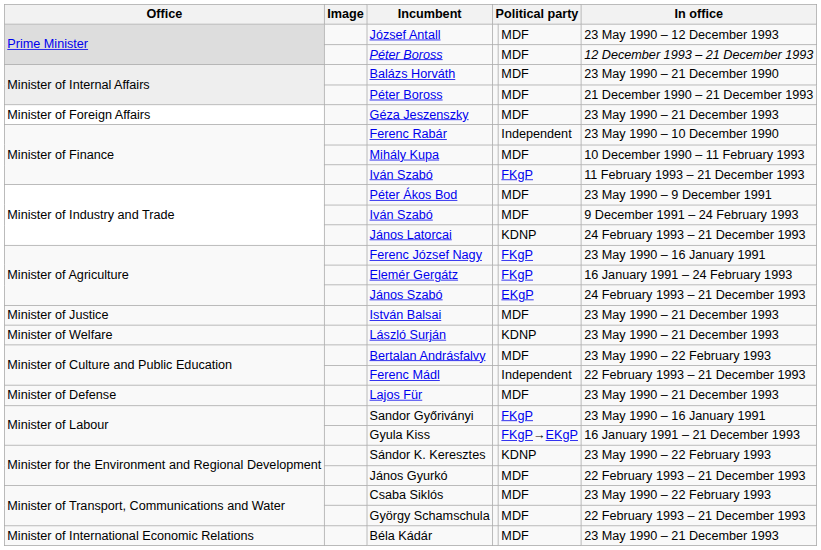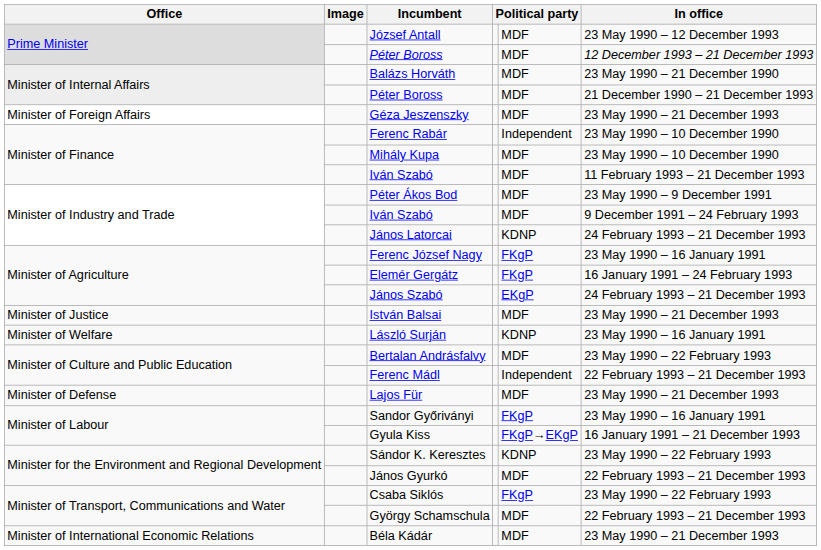 <table class="wikitable">
 <tr>
 <th>Office</th>
 <th>Image</th>
 <th>Incumbent</th>
 <th colspan="2">Political party</th>
 <th>In office</th>
 </tr>
 <tr>
 <td rowspan=2 style="background:#ddd;"><a href='#'>Prime Minister</a></td>
 <td></td>
 <td><a href='#'>József Antall</a></td>
 <td style="background-color: "></td>
 <td>MDF</td>
 <td>23 May 1990 – 12 December 1993</td>
 </tr>
 <tr>
 <td></td>
 <td><em><a href='#'>Péter Boross</a></em></td>
 <td style="background-color: "></td>
 <td>MDF</td>
 <td><em>12 December 1993 – 21 December 1993</em></td>
 </tr>
 <tr>
 <td rowspan=2 style="background:#eee;">Minister of Internal Affairs</td>
 <td></td>
 <td><a href='#'>Balázs Horváth</a></td>
 <td style="background-color: "></td>
 <td>MDF</td>
 <td>23 May 1990 – 21 December 1990</td>
 </tr>
 <tr>
 <td></td>
 <td><a href='#'>Péter Boross</a></td>
 <td style="background-color: "></td>
 <td>MDF</td>
 <td>21 December 1990 – 21 December 1993</td>
 </tr>
 <tr>
 <td style="background:#fff;">Minister of Foreign Affairs</td>
 <td></td>
 <td><a href='#'>Géza Jeszenszky</a></td>
 <td style="background-color: "></td>
 <td>MDF</td>
 <td>23 May 1990 – 21 December 1993</td>
 </tr>
 <tr>
 <td rowspan=3>Minister of Finance</td>
 <td></td>
 <td><a href='#'>Ferenc Rabár</a></td>
 <td style="background-color: "></td>
 <td>Independent</td>
 <td>23 May 1990 – 10 December 1990</td>
 </tr>
 <tr>
 <td></td>
 <td><a href='#'>Mihály Kupa</a></td>
 <td style="background-color: "></td>
 <td>MDF</td>
-<td>10 December 1990 – 11 February 1993</td>
+<td>23 May 1990 – 10 December 1990</td>
 </tr>
 <tr>
 <td></td>
 <td><a href='#'>Iván Szabó</a></td>
 <td style="background-color: "></td>
-<td><a href='#'>FKgP</a></td>
+<td>MDF</td>
 <td>11 February 1993 – 21 December 1993</td>
 </tr>
 <tr>
 <td rowspan=3 style="background:#fff;">Minister of Industry and Trade</td>
 <td></td>
 <td><a href='#'>Péter Ákos Bod</a></td>
 <td style="background-color: "></td>
 <td>MDF</td>
 <td>23 May 1990 – 9 December 1991</td>
 </tr>
 <tr>
 <td></td>
 <td><a href='#'>Iván Szabó</a></td>
 <td style="background-color: "></td>
 <td>MDF</td>
 <td>9 December 1991 – 24 February 1993</td>
 </tr>
 <tr>
 <td></td>
 <td><a href='#'>János Latorcai</a></td>
 <td style="background-color: "></td>
 <td>KDNP</td>
 <td>24 February 1993 – 21 December 1993</td>
 </tr>
 <tr>
 <td rowspan=3>Minister of Agriculture</td>
 <td></td>
 <td><a href='#'>Ferenc József Nagy</a></td>
 <td style="background-color: "></td>
 <td><a href='#'>FKgP</a></td>
 <td>23 May 1990 – 16 January 1991</td>
 </tr>
 <tr>
 <td></td>
 <td><a href='#'>Elemér Gergátz</a></td>
 <td style="background-color: "></td>
 <td><a href='#'>FKgP</a></td>
 <td>16 January 1991 – 24 February 1993</td>
 </tr>
 <tr>
 <td></td>
 <td><a href='#'>János Szabó</a></td>
 <td style="background-color: "></td>
 <td><a href='#'>EKgP</a></td>
 <td>24 February 1993 – 21 December 1993</td>
 </tr>
 <tr>
 <td>Minister of Justice</td>
 <td></td>
 <td><a href='#'>István Balsai</a></td>
 <td style="background-color: "></td>
 <td>MDF</td>
 <td>23 May 1990 – 21 December 1993</td>
 </tr>
 <tr>
 <td>Minister of Welfare</td>
 <td></td>
 <td><a href='#'>László Surján</a></td>
 <td style="background-color: "></td>
 <td>KDNP</td>
-<td>23 May 1990 – 21 December 1993</td>
+<td>23 May 1990 – 16 January 1991</td>
 </tr>
 <tr>
 <td rowspan=2>Minister of Culture and Public Education</td>
 <td></td>
 <td><a href='#'>Bertalan Andrásfalvy</a></td>
 <td style="background-color: "></td>
 <td>MDF</td>
 <td>23 May 1990 – 22 February 1993</td>
 </tr>
 <tr>
 <td></td>
 <td><a href='#'>Ferenc Mádl</a></td>
 <td style="background-color: "></td>
 <td>Independent</td>
 <td>22 February 1993 – 21 December 1993</td>
 </tr>
 <tr>
 <td>Minister of Defense</td>
 <td></td>
 <td><a href='#'>Lajos Für</a></td>
 <td style="background-color: "></td>
 <td>MDF</td>
 <td>23 May 1990 – 21 December 1993</td>
 </tr>
 <tr>
 <td rowspan=2>Minister of Labour</td>
 <td></td>
 <td>Sandor Győriványi</td>
 <td style="background-color: "></td>
 <td><a href='#'>FKgP</a></td>
 <td>23 May 1990 – 16 January 1991</td>
 </tr>
 <tr>
 <td></td>
 <td>Gyula Kiss</td>
 <td style="background-color: "></td>
 <td><a href='#'>FKgP</a>→<a href='#'>EKgP</a></td>
 <td>16 January 1991 – 21 December 1993</td>
 </tr>
 <tr>
 <td rowspan=2>Minister for the Environment and Regional Development</td>
 <td></td>
 <td>Sándor K. Keresztes</td>
 <td style="background-color: "></td>
 <td>KDNP</td>
 <td>23 May 1990 – 22 February 1993</td>
 </tr>
 <tr>
 <td></td>
 <td>János Gyurkó</td>
 <td style="background-color: "></td>
 <td>MDF</td>
 <td>22 February 1993 – 21 December 1993</td>
 </tr>
 <tr>
 <td rowspan=2>Minister of Transport, Communications and Water</td>
 <td></td>
 <td>Csaba Siklós</td>
 <td style="background-color: "></td>
-<td>MDF</td>
+<td><a href='#'>FKgP</a></td>
 <td>23 May 1990 – 22 February 1993</td>
 </tr>
 <tr>
 <td></td>
 <td>György Schamschula</td>
 <td style="background-color: "></td>
 <td>MDF</td>
 <td>22 February 1993 – 21 December 1993</td>
 </tr>
 <tr>
 <td>Minister of International Economic Relations</td>
 <td></td>
 <td>Béla Kádár</td>
 <td style="background-color: "></td>
 <td>MDF</td>
 <td>23 May 1990 – 21 December 1993</td>
 </tr>
 </table>
